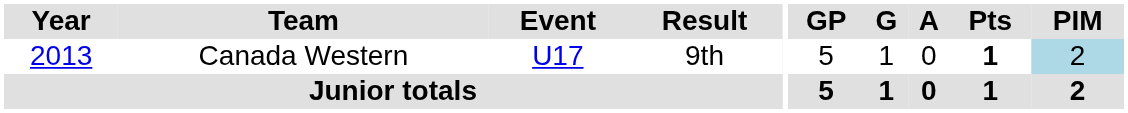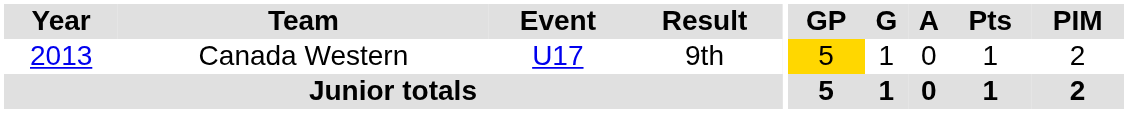 <table border="0" cellpadding="1" cellspacing="0" ID="Table3" style="text-align:center; width:40em">
 <tr ALIGN="center" bgcolor="#e0e0e0">
 <th>Year</th>
 <th>Team</th>
 <th>Event</th>
 <th>Result</th>
 <th rowspan="99" bgcolor="#ffffff"></th>
 <th>GP</th>
 <th>G</th>
 <th>A</th>
 <th>Pts</th>
 <th>PIM</th>
 </tr>
 <tr>
 <td><a href='#'>2013</a></td>
 <td>Canada Western</td>
 <td><a href='#'>U17</a></td>
 <td>9th</td>
-<td>5</td>
+<td style="background: gold;">5</td>
 <td>1</td>
 <td>0</td>
-<td><strong>1</strong></td>
-<td style="background: lightblue;">2</td>
+<td>1</td>
+<td>2</td>
 </tr>
 <tr bgcolor="#e0e0e0">
 <th colspan="4">Junior totals</th>
 <th>5</th>
 <th>1</th>
 <th>0</th>
 <th>1</th>
 <th>2</th>
 </tr>
 </table>
